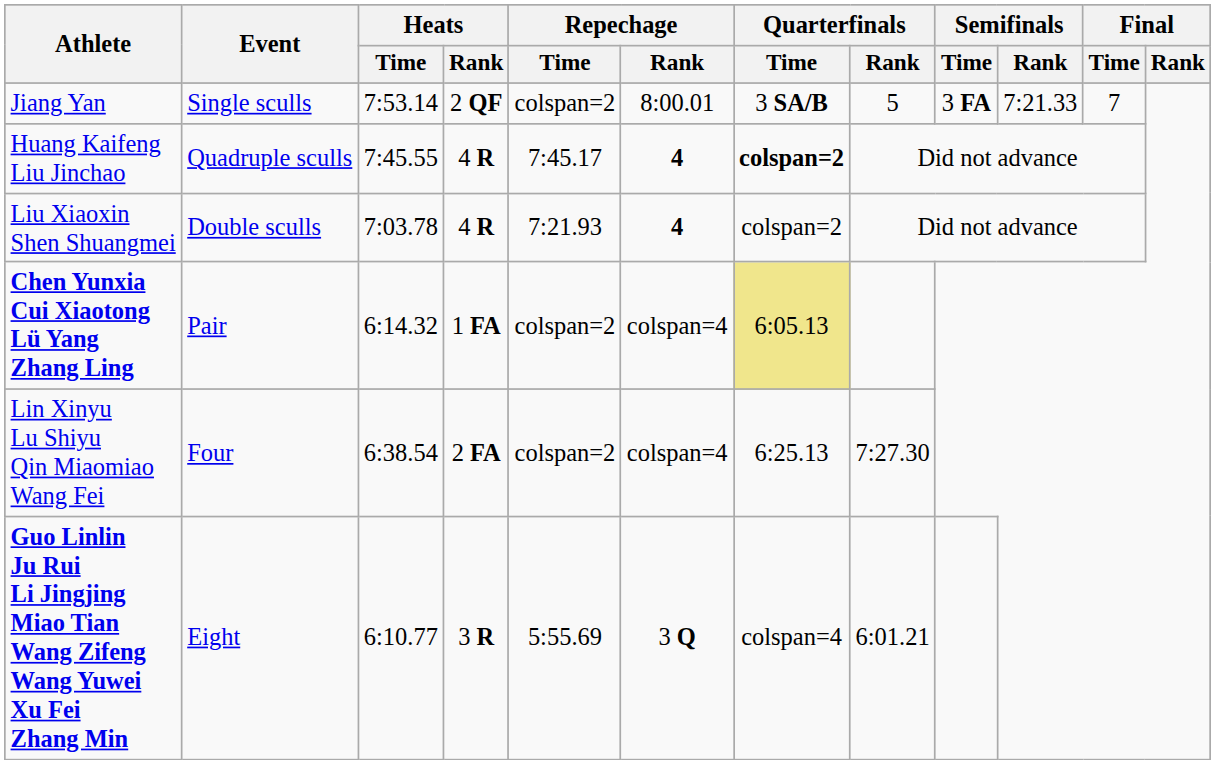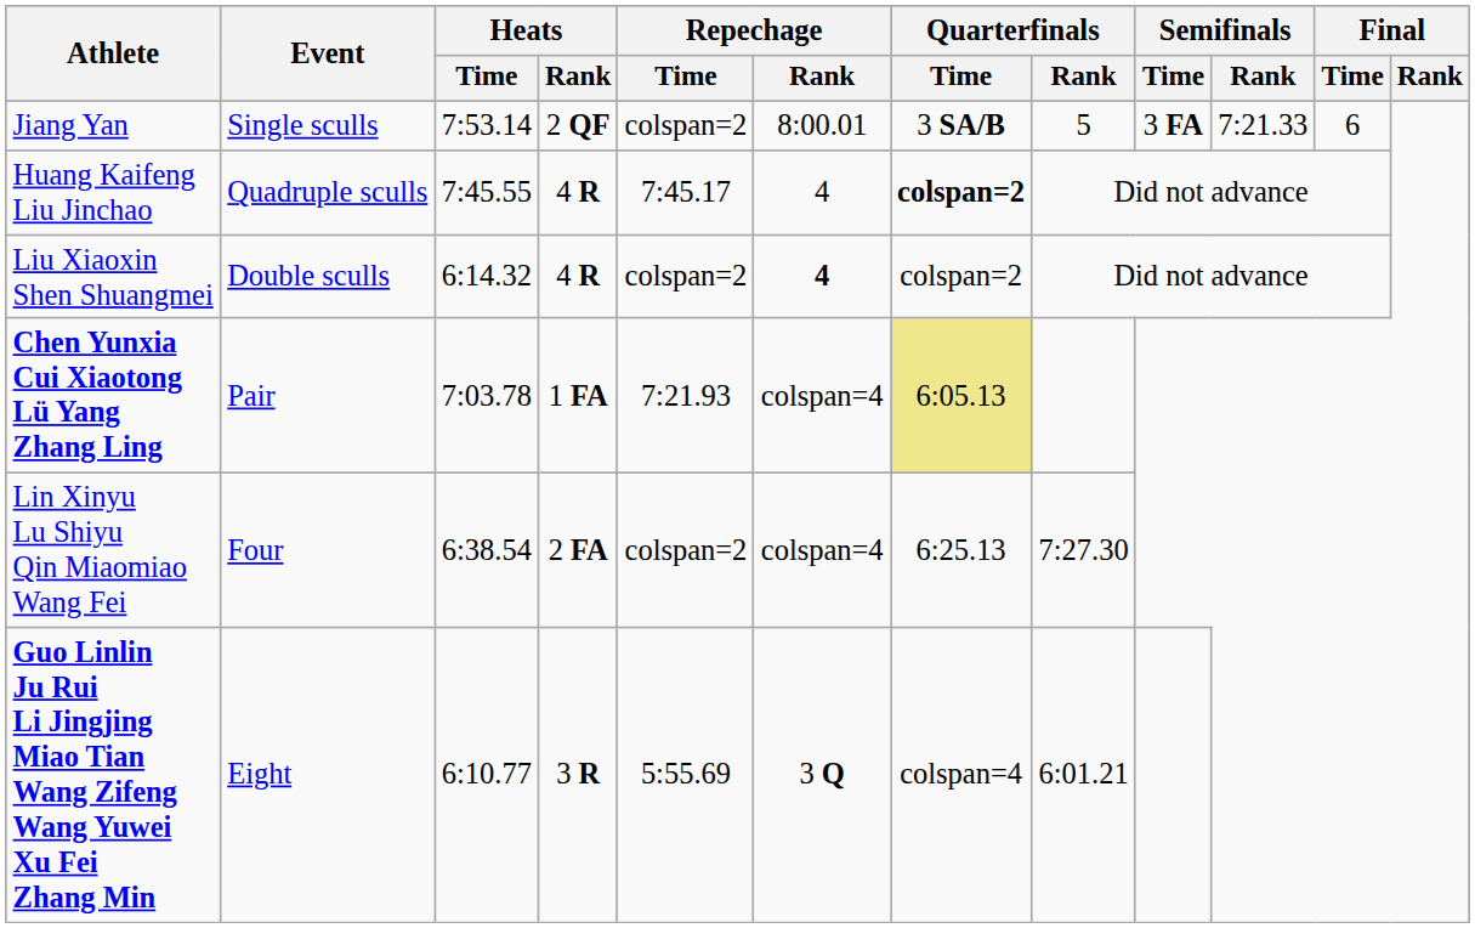 <table class="wikitable" style="font-size:90%">
 <tr>
 <th rowspan="2">Athlete</th>
 <th rowspan="2">Event</th>
 <th colspan="2">Heats</th>
 <th colspan="2">Repechage</th>
 <th colspan="2">Quarterfinals</th>
 <th colspan="2">Semifinals</th>
 <th colspan="2">Final</th>
 </tr>
 <tr style="font-size:95%">
 <th>Time</th>
 <th>Rank</th>
 <th>Time</th>
 <th>Rank</th>
 <th>Time</th>
 <th>Rank</th>
 <th>Time</th>
 <th>Rank</th>
 <th>Time</th>
 <th>Rank</th>
 </tr>
 <tr align=center>
 <td align=left><a href='#'>Jiang Yan</a></td>
 <td align=left><a href='#'>Single sculls</a></td>
 <td>7:53.14</td>
 <td>2 <strong>QF</strong></td>
 <td>colspan=2 </td>
 <td>8:00.01</td>
 <td>3 <strong>SA/B</strong></td>
 <td>5</td>
 <td>3 <strong>FA</strong></td>
 <td>7:21.33</td>
-<td>7</td>
+<td>6</td>
 </tr>
 <tr align=center>
 <td align=left><a href='#'>Huang Kaifeng</a><br><a href='#'>Liu Jinchao</a></td>
 <td align=left><a href='#'>Quadruple sculls</a></td>
 <td>7:45.55</td>
 <td>4 <strong>R</strong></td>
 <td>7:45.17</td>
-<td><strong>4</strong></td>
+<td>4</td>
 <td><strong>colspan=2 </strong></td>
 <td colspan=4>Did not advance</td>
 </tr>
 <tr align=center>
 <td align=left><a href='#'>Liu Xiaoxin</a><br><a href='#'>Shen Shuangmei</a></td>
 <td align=left><a href='#'>Double sculls</a></td>
-<td>7:03.78</td>
+<td>6:14.32</td>
 <td>4 <strong>R</strong></td>
-<td>7:21.93</td>
+<td>colspan=2 </td>
 <td><strong>4</strong></td>
 <td>colspan=2 </td>
 <td colspan=4>Did not advance</td>
 </tr>
 <tr align=center>
 <td align=left><strong><a href='#'>Chen Yunxia</a><br><a href='#'>Cui Xiaotong</a><br><a href='#'>Lü Yang</a><br><a href='#'>Zhang Ling</a></strong></td>
 <td align=left><a href='#'>Pair</a></td>
-<td>6:14.32</td>
+<td>7:03.78</td>
 <td>1 <strong>FA</strong></td>
-<td>colspan=2 </td>
+<td>7:21.93</td>
 <td>colspan=4 </td>
 <td style="background: khaki;">6:05.13</td>
 <td></td>
 </tr>
 <tr align=center>
 <td align=left><a href='#'>Lin Xinyu</a><br><a href='#'>Lu Shiyu</a><br><a href='#'>Qin Miaomiao</a><br><a href='#'>Wang Fei</a></td>
 <td align=left><a href='#'>Four</a></td>
 <td>6:38.54</td>
 <td>2 <strong>FA</strong></td>
 <td>colspan=2 </td>
 <td>colspan=4 </td>
 <td>6:25.13</td>
 <td>7:27.30</td>
 </tr>
 <tr align=center>
 <td align=left><strong><a href='#'>Guo Linlin</a><br><a href='#'>Ju Rui</a><br><a href='#'>Li Jingjing</a><br><a href='#'>Miao Tian</a><br><a href='#'>Wang Zifeng</a><br><a href='#'>Wang Yuwei</a><br><a href='#'>Xu Fei</a><br><a href='#'>Zhang Min</a></strong></td>
 <td align=left><a href='#'>Eight</a></td>
 <td>6:10.77</td>
 <td>3 <strong>R</strong></td>
 <td>5:55.69</td>
 <td>3 <strong>Q</strong></td>
 <td>colspan=4 </td>
 <td>6:01.21</td>
 <td></td>
 </tr>
 </table>
